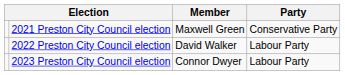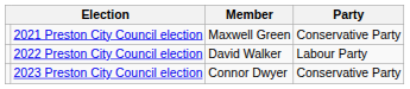 <table class="wikitable">
 <tr>
 <th colspan="2">Election</th>
 <th>Member</th>
 <th>Party</th>
 </tr>
 <tr>
 <td style="background-color: "></td>
 <td><a href='#'>2021 Preston City Council election</a></td>
 <td>Maxwell Green</td>
 <td>Conservative Party</td>
 </tr>
 <tr>
 <td style="background-color: "></td>
 <td><a href='#'>2022 Preston City Council election</a></td>
 <td>David Walker</td>
 <td>Labour Party</td>
 </tr>
 <tr>
 <td style="background-color: "></td>
 <td><a href='#'>2023 Preston City Council election</a></td>
 <td>Connor Dwyer</td>
-<td>Labour Party</td>
+<td>Conservative Party</td>
 </tr>
 </table>
